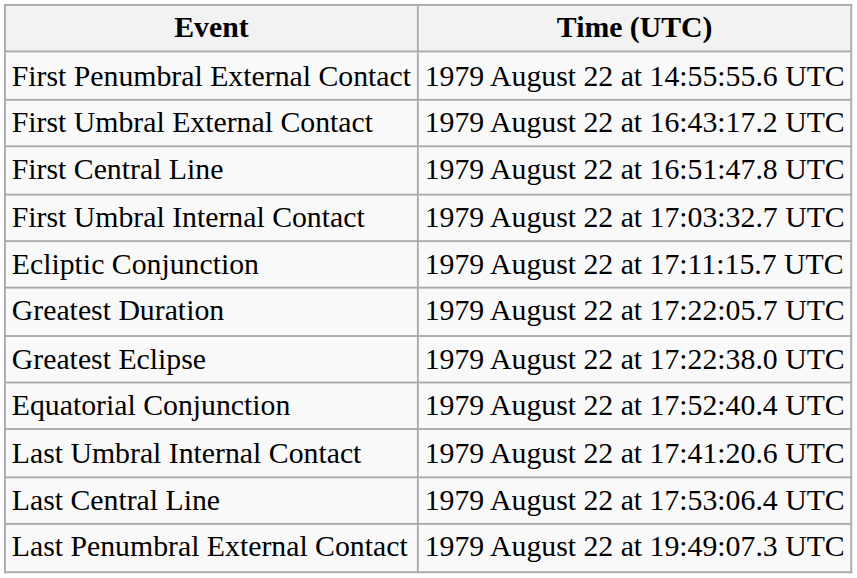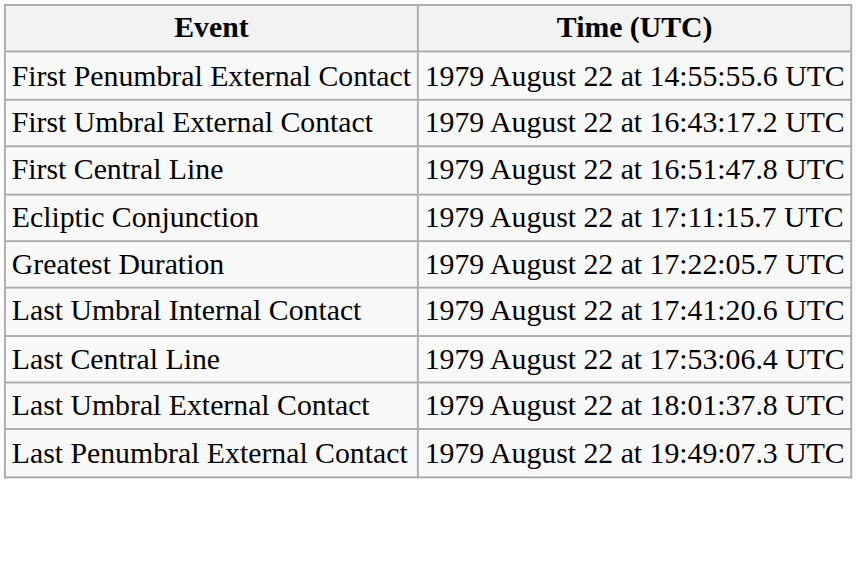 <table class="wikitable">
 <tr>
 <th>Event</th>
 <th>Time (UTC)</th>
 </tr>
 <tr>
 <td>First Penumbral External Contact</td>
 <td>1979 August 22 at 14:55:55.6 UTC</td>
 </tr>
 <tr>
 <td>First Umbral External Contact</td>
 <td>1979 August 22 at 16:43:17.2 UTC</td>
 </tr>
 <tr>
 <td>First Central Line</td>
 <td>1979 August 22 at 16:51:47.8 UTC</td>
 </tr>
 <tr>
-<td>First Umbral Internal Contact</td>
-<td>1979 August 22 at 17:03:32.7 UTC</td>
-</tr>
-<tr>
 <td>Ecliptic Conjunction</td>
 <td>1979 August 22 at 17:11:15.7 UTC</td>
 </tr>
 <tr>
 <td>Greatest Duration</td>
 <td>1979 August 22 at 17:22:05.7 UTC</td>
-</tr>
-<tr>
-<td>Greatest Eclipse</td>
-<td>1979 August 22 at 17:22:38.0 UTC</td>
-</tr>
-<tr>
-<td>Equatorial Conjunction</td>
-<td>1979 August 22 at 17:52:40.4 UTC</td>
 </tr>
 <tr>
 <td>Last Umbral Internal Contact</td>
 <td>1979 August 22 at 17:41:20.6 UTC</td>
 </tr>
 <tr>
 <td>Last Central Line</td>
 <td>1979 August 22 at 17:53:06.4 UTC</td>
 </tr>
 <tr>
+<td>Last Umbral External Contact</td>
+<td>1979 August 22 at 18:01:37.8 UTC</td>
+</tr>
+<tr>
 <td>Last Penumbral External Contact</td>
 <td>1979 August 22 at 19:49:07.3 UTC</td>
 </tr>
 </table>
